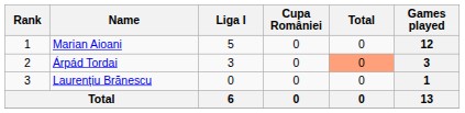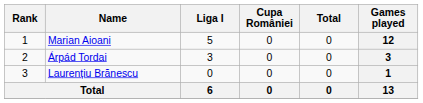 <table class="wikitable" style="text-align:center;">
 <tr>
 <th style="width:56px;">Rank</th>
 <th style="width:200px;">Name</th>
 <th style="width:84px;">Liga I</th>
 <th style="width:84px;">Cupa României</th>
 <th style="width:84px;">Total</th>
 <th style="width:84px;">Games played</th>
 </tr>
 <tr>
 <td>1</td>
 <td style="text-align:left;">  <a href='#'>Marian Aioani</a></td>
 <td>5</td>
 <td>0</td>
 <td>0</td>
 <th>12</th>
 </tr>
 <tr>
 <td>2</td>
 <td style="text-align:left;">  <a href='#'>Árpád Tordai</a></td>
 <td>3</td>
 <td>0</td>
-<td style="background: lightsalmon;">0</td>
+<td>0</td>
 <th>3</th>
 </tr>
 <tr>
 <td>3</td>
 <td style="text-align:left;">  <a href='#'>Laurențiu Brănescu</a></td>
 <td>0</td>
 <td>0</td>
 <td>0</td>
 <th>1</th>
 </tr>
 <tr>
 <th colspan="2">Total</th>
 <th>6</th>
 <th>0</th>
 <th>0</th>
 <th>13</th>
 </tr>
 <tr>
 </tr>
 </table>
